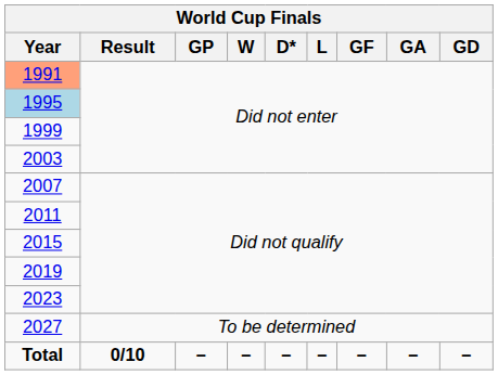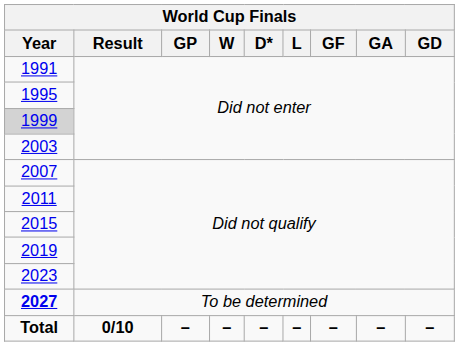 <table class="wikitable" style="text-align: center; width:50%;">
 <tr>
 <th colspan=10>World Cup Finals</th>
 </tr>
 <tr>
 <th>Year</th>
 <th>Result</th>
 <th>GP</th>
 <th>W</th>
 <th>D*</th>
 <th>L</th>
 <th>GF</th>
 <th>GA</th>
 <th>GD</th>
 </tr>
 <tr>
-<td style="background: lightsalmon;"> <a href='#'>1991</a></td>
+<td> <a href='#'>1991</a></td>
 <td colspan=8 rowspan=4><em>Did not enter</em></td>
 </tr>
 <tr>
-<td style="background: lightblue;"> <a href='#'>1995</a></td>
+<td> <a href='#'>1995</a></td>
 </tr>
 <tr>
-<td> <a href='#'>1999</a></td>
+<td style="background: lightgrey;"> <a href='#'>1999</a></td>
 </tr>
 <tr>
 <td> <a href='#'>2003</a></td>
 </tr>
 <tr>
 <td> <a href='#'>2007</a></td>
 <td colspan=8 rowspan=5><em>Did not qualify</em></td>
 </tr>
 <tr>
 <td> <a href='#'>2011</a></td>
 </tr>
 <tr>
 <td> <a href='#'>2015</a></td>
 </tr>
 <tr>
 <td> <a href='#'>2019</a></td>
 </tr>
 <tr>
 <td> <a href='#'>2023</a></td>
 </tr>
 <tr>
-<td> <a href='#'>2027</a></td>
+<td><strong> <a href='#'>2027</a></strong></td>
 <td colspan=8><em>To be determined</em></td>
 </tr>
 <tr>
 <td><strong>Total</strong></td>
 <td><strong>0/10</strong></td>
 <td><strong>–</strong></td>
 <td><strong>–</strong></td>
 <td><strong>–</strong></td>
 <td><strong>–</strong></td>
 <td><strong>–</strong></td>
 <td><strong>–</strong></td>
 <td><strong>–</strong></td>
 </tr>
 </table>
